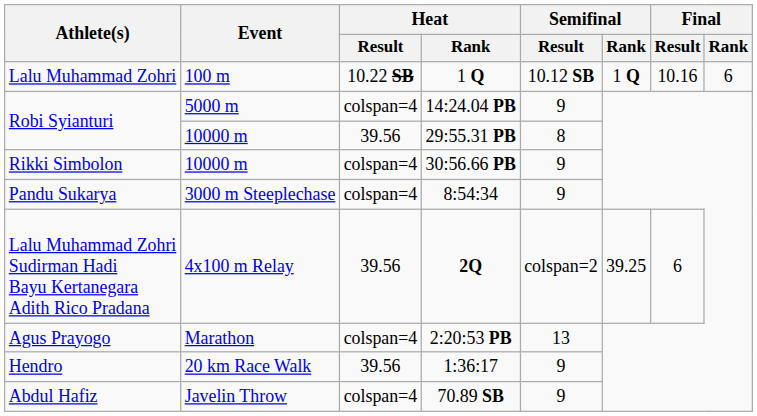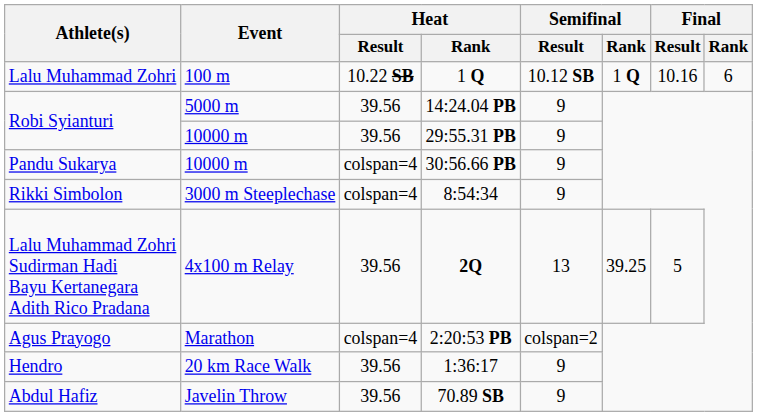 <table class="wikitable" style="font-size:90%">
 <tr>
 <th rowspan="2">Athlete(s)</th>
 <th rowspan="2">Event</th>
 <th colspan="2">Heat</th>
 <th colspan="2">Semifinal</th>
 <th colspan="2">Final</th>
 </tr>
 <tr style="font-size:95%">
 <th>Result</th>
 <th>Rank</th>
 <th>Result</th>
 <th>Rank</th>
 <th>Result</th>
 <th>Rank</th>
 </tr>
 <tr align=center>
 <td align=left><a href='#'>Lalu Muhammad Zohri</a></td>
 <td style="text-align:left;"><a href='#'>100 m</a></td>
 <td>10.22 <strong><s>SB</s></strong></td>
 <td>1  <strong>Q</strong></td>
 <td>10.12 <strong>SB</strong></td>
 <td>1  <strong>Q</strong></td>
 <td>10.16</td>
 <td>6</td>
 </tr>
 <tr align=center>
 <td align=left rowspan="2"><a href='#'>Robi Syianturi</a></td>
 <td style="text-align:left;"><a href='#'>5000 m</a></td>
-<td>colspan=4 </td>
+<td>39.56</td>
 <td align=center>14:24.04  <strong>PB</strong></td>
 <td>9</td>
 </tr>
 <tr align=center>
 <td style="text-align:left;"><a href='#'>10000 m</a></td>
 <td>39.56</td>
 <td>29:55.31  <strong>PB</strong></td>
-<td>8</td>
+<td>9</td>
 </tr>
 <tr align=center>
-<td align=left><a href='#'>Rikki Simbolon</a></td>
+<td align="left"><a href='#'>Pandu Sukarya</a></td>
 <td style="text-align:left;"><a href='#'>10000 m</a></td>
 <td>colspan=4 </td>
 <td>30:56.66 <strong>PB</strong></td>
 <td>9</td>
 </tr>
 <tr align="center">
-<td align="left"><a href='#'>Pandu Sukarya</a></td>
+<td align=left><a href='#'>Rikki Simbolon</a></td>
 <td style="text-align:left;"><a href='#'>3000 m Steeplechase</a></td>
 <td>colspan=4 </td>
 <td>8:54:34</td>
 <td>9</td>
 </tr>
 <tr align=center>
 <td align=left><br><a href='#'>Lalu Muhammad Zohri</a> <br> <a href='#'>Sudirman Hadi</a> <br> <a href='#'>Bayu Kertanegara</a> <br> <a href='#'>Adith Rico Pradana</a></td>
 <td style="text-align:left;"><a href='#'>4x100 m Relay</a></td>
 <td>39.56</td>
 <td><strong>2Q</strong></td>
-<td>colspan=2 </td>
+<td>13</td>
 <td>39.25</td>
-<td>6</td>
+<td>5</td>
 </tr>
 <tr align="center">
 <td align="left"><a href='#'>Agus Prayogo</a></td>
 <td style="text-align:left;"><a href='#'>Marathon</a></td>
 <td>colspan=4 </td>
 <td>2:20:53 <strong>PB</strong></td>
-<td>13</td>
+<td>colspan=2 </td>
 </tr>
 <tr align=center>
 <td align=left><a href='#'>Hendro</a></td>
 <td style="text-align:left;"><a href='#'>20 km Race Walk</a></td>
 <td>39.56</td>
 <td>1:36:17</td>
 <td>9</td>
 </tr>
 <tr align=center>
 <td align=left><a href='#'>Abdul Hafiz</a></td>
 <td style="text-align:left;"><a href='#'>Javelin Throw</a></td>
-<td>colspan=4 </td>
+<td>39.56</td>
 <td>70.89 <strong>SB</strong></td>
 <td>9</td>
 </tr>
 </table>
